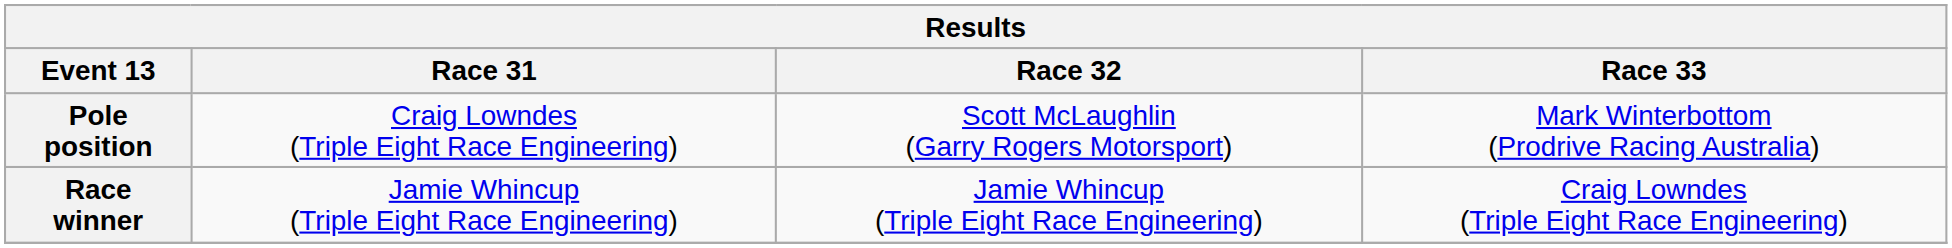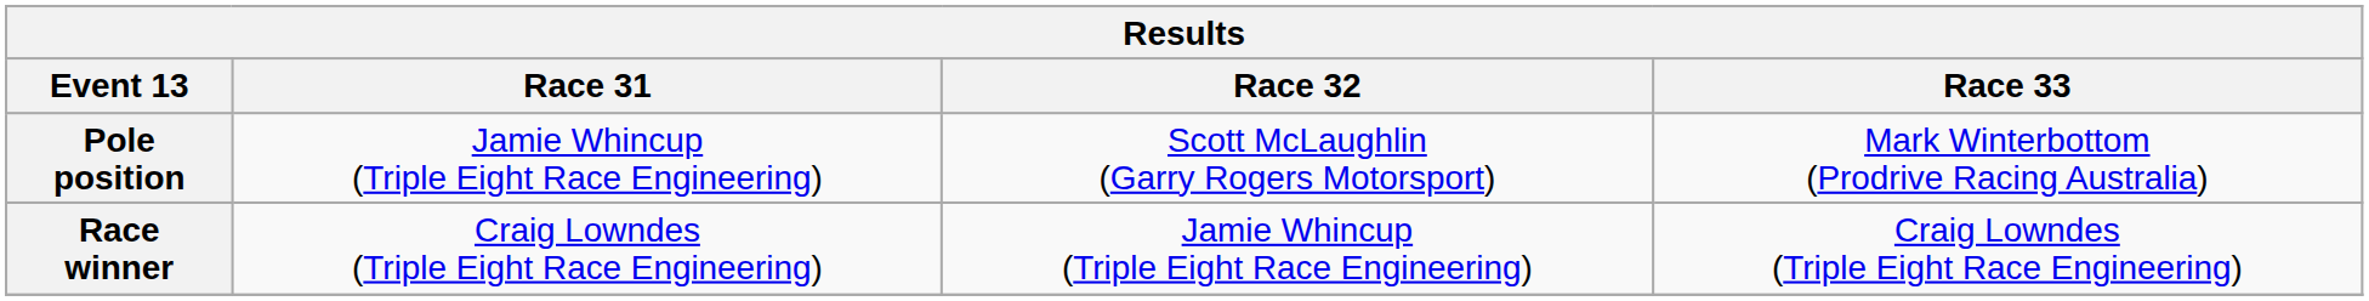 <table class="wikitable collapsible collapsed" align="center" width=75% style="font-size: 85%; max-width: 950px">
 <tr>
 <th colspan="4">Results</th>
 </tr>
 <tr>
 <th>Event 13</th>
 <th>Race 31</th>
 <th>Race 32</th>
 <th>Race 33</th>
 </tr>
 <tr>
 <th>Pole<br>position</th>
-<td align="center"> <a href='#'>Craig Lowndes</a><br>(<a href='#'>Triple Eight Race Engineering</a>)</td>
+<td align="center"> <a href='#'>Jamie Whincup</a><br>(<a href='#'>Triple Eight Race Engineering</a>)</td>
 <td align="center"> <a href='#'>Scott McLaughlin</a><br>(<a href='#'>Garry Rogers Motorsport</a>)</td>
 <td align="center"> <a href='#'>Mark Winterbottom</a><br>(<a href='#'>Prodrive Racing Australia</a>)</td>
 </tr>
 <tr>
 <th>Race<br>winner</th>
-<td align="center"> <a href='#'>Jamie Whincup</a><br>(<a href='#'>Triple Eight Race Engineering</a>)</td>
+<td align="center"> <a href='#'>Craig Lowndes</a><br>(<a href='#'>Triple Eight Race Engineering</a>)</td>
 <td align="center"> <a href='#'>Jamie Whincup</a><br>(<a href='#'>Triple Eight Race Engineering</a>)</td>
 <td align="center"> <a href='#'>Craig Lowndes</a><br>(<a href='#'>Triple Eight Race Engineering</a>)</td>
 </tr>
 <tr>
 </tr>
 </table>
